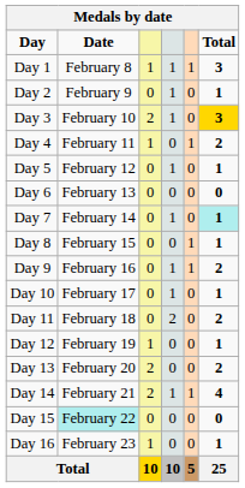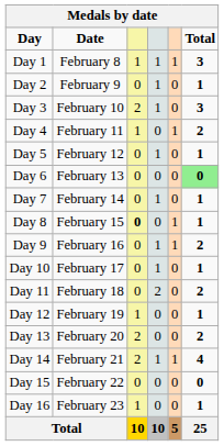 <table class=wikitable style="font-size:85%;float:right;clear:right;">
 <tr bgcolor=efefef>
 <th colspan=6>Medals by date</th>
 </tr>
 <tr align=center>
 <td><strong>Day</strong></td>
 <td><strong>Date</strong></td>
 <td bgcolor=#f7f6a8></td>
 <td bgcolor=#dce5e5></td>
 <td bgcolor=#ffdab9></td>
 <td><strong>Total</strong></td>
 </tr>
 <tr align=center>
 <td>Day 1</td>
 <td>February 8</td>
 <td bgcolor=F7F6A8>1</td>
 <td bgcolor=DCE5E5>1</td>
 <td bgcolor=FFDAB9>1</td>
 <td><strong>3</strong></td>
 </tr>
 <tr align=center>
 <td>Day 2</td>
 <td>February 9</td>
 <td bgcolor=F7F6A8>0</td>
 <td bgcolor=DCE5E5>1</td>
 <td bgcolor=FFDAB9>0</td>
 <td><strong>1</strong></td>
 </tr>
 <tr align=center>
 <td>Day 3</td>
 <td>February 10</td>
 <td bgcolor=F7F6A8>2</td>
 <td bgcolor=DCE5E5>1</td>
 <td bgcolor=FFDAB9>0</td>
-<td style="background: gold;"><strong>3</strong></td>
+<td><strong>3</strong></td>
 </tr>
 <tr align=center>
 <td>Day 4</td>
 <td>February 11</td>
 <td bgcolor=F7F6A8>1</td>
 <td bgcolor=DCE5E5>0</td>
 <td bgcolor=FFDAB9>1</td>
 <td><strong>2</strong></td>
 </tr>
 <tr align=center>
 <td>Day 5</td>
 <td>February 12</td>
 <td bgcolor=F7F6A8>0</td>
 <td bgcolor=DCE5E5>1</td>
 <td bgcolor=FFDAB9>0</td>
 <td><strong>1</strong></td>
 </tr>
 <tr align=center>
 <td>Day 6</td>
 <td>February 13</td>
 <td bgcolor=F7F6A8>0</td>
 <td bgcolor=DCE5E5>0</td>
 <td bgcolor=FFDAB9>0</td>
-<td><strong>0</strong></td>
+<td style="background: lightgreen;"><strong>0</strong></td>
 </tr>
 <tr align=center>
 <td>Day 7</td>
 <td>February 14</td>
 <td bgcolor=F7F6A8>0</td>
 <td bgcolor=DCE5E5>1</td>
 <td bgcolor=FFDAB9>0</td>
-<td style="background: paleturquoise;"><strong>1</strong></td>
+<td><strong>1</strong></td>
 </tr>
 <tr align=center>
 <td>Day 8</td>
 <td>February 15</td>
-<td bgcolor=F7F6A8>0</td>
+<td bgcolor=F7F6A8><strong>0</strong></td>
 <td bgcolor=DCE5E5>0</td>
 <td bgcolor=FFDAB9>1</td>
 <td><strong>1</strong></td>
 </tr>
 <tr align=center>
 <td>Day 9</td>
 <td>February 16</td>
 <td bgcolor=F7F6A8>0</td>
 <td bgcolor=DCE5E5>1</td>
 <td bgcolor=FFDAB9>1</td>
 <td><strong>2</strong></td>
 </tr>
 <tr align=center>
 <td>Day 10</td>
 <td>February 17</td>
 <td bgcolor=F7F6A8>0</td>
 <td bgcolor=DCE5E5>1</td>
 <td bgcolor=FFDAB9>0</td>
 <td><strong>1</strong></td>
 </tr>
 <tr align=center>
 <td>Day 11</td>
 <td>February 18</td>
 <td bgcolor=F7F6A8>0</td>
 <td bgcolor=DCE5E5>2</td>
 <td bgcolor=FFDAB9>0</td>
 <td><strong>2</strong></td>
 </tr>
 <tr align=center>
 <td>Day 12</td>
 <td>February 19</td>
 <td bgcolor=F7F6A8>1</td>
 <td bgcolor=DCE5E5>0</td>
 <td bgcolor=FFDAB9>0</td>
 <td><strong>1</strong></td>
 </tr>
 <tr align=center>
 <td>Day 13</td>
 <td>February 20</td>
 <td bgcolor=F7F6A8>2</td>
 <td bgcolor=DCE5E5>0</td>
 <td bgcolor=FFDAB9>0</td>
 <td><strong>2</strong></td>
 </tr>
 <tr align=center>
 <td>Day 14</td>
 <td>February 21</td>
 <td bgcolor=F7F6A8>2</td>
 <td bgcolor=DCE5E5>1</td>
 <td bgcolor=FFDAB9>1</td>
 <td><strong>4</strong></td>
 </tr>
 <tr align=center>
 <td>Day 15</td>
-<td style="background: paleturquoise;">February 22</td>
+<td>February 22</td>
 <td bgcolor=F7F6A8>0</td>
 <td bgcolor=DCE5E5>0</td>
 <td bgcolor=FFDAB9>0</td>
 <td><strong>0</strong></td>
 </tr>
 <tr align=center>
 <td>Day 16</td>
 <td>February 23</td>
 <td bgcolor=F7F6A8>1</td>
 <td bgcolor=DCE5E5>0</td>
 <td bgcolor=FFDAB9>0</td>
 <td><strong>1</strong></td>
 </tr>
 <tr>
 <th colspan=2>Total</th>
 <th style="background:gold">10</th>
 <th style="background:silver">10</th>
 <th style="background:#c96">5</th>
 <th>25</th>
 </tr>
 </table>
